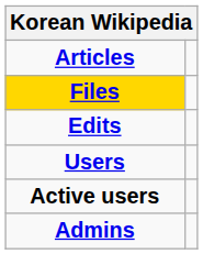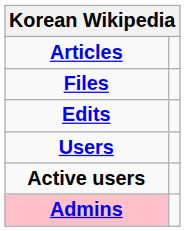 <table class="wikitable sortable" align=right style="text-align: center;">
 <tr>
 <th colspan=4>Korean Wikipedia </th>
 </tr>
 <tr>
 <td><strong><a href='#'>Articles</a></strong></td>
 <td></td>
 </tr>
 <tr>
-<td style="background: gold;"><strong><a href='#'>Files</a></strong></td>
+<td><strong><a href='#'>Files</a></strong></td>
 <td></td>
 </tr>
 <tr>
 <td><strong><a href='#'>Edits</a></strong></td>
 <td></td>
 </tr>
 <tr>
 <td><strong><a href='#'>Users</a></strong></td>
 <td></td>
 </tr>
 <tr>
 <td><strong>Active users</strong></td>
 <td></td>
 </tr>
 <tr>
-<td><strong><a href='#'>Admins</a></strong></td>
+<td style="background: pink;"><strong><a href='#'>Admins</a></strong></td>
 <td></td>
 </tr>
 </table>
